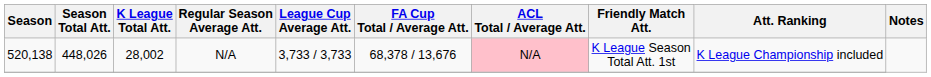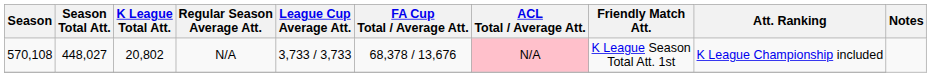 <table class="wikitable" style="text-align:center">
 <tr>
 <th>Season</th>
 <th>Season<br>Total Att.</th>
 <th><a href='#'>K League</a><br>Total Att.</th>
 <th>Regular Season<br>Average Att.</th>
 <th><a href='#'>League Cup</a><br>Average Att.</th>
 <th><a href='#'>FA Cup</a><br>Total / Average Att.</th>
 <th><a href='#'>ACL</a><br>Total / Average Att.</th>
 <th>Friendly Match<br> Att.</th>
 <th>Att. Ranking</th>
 <th>Notes</th>
 </tr>
 <tr>
-<td>520,138</td>
-<td>448,026</td>
-<td>28,002</td>
+<td>570,108</td>
+<td>448,027</td>
+<td>20,802</td>
 <td>N/A</td>
 <td>3,733 / 3,733</td>
 <td>68,378 / 13,676</td>
 <td style="background: pink;">N/A</td>
 <td><a href='#'>K League</a> Season<br>Total Att. 1st</td>
 <td align=left><a href='#'>K League Championship</a> included</td>
 </tr>
 <tr>
 </tr>
 </table>
